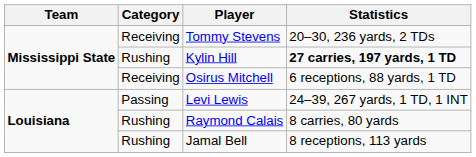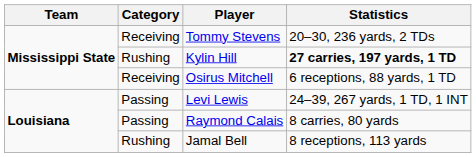 <table class="wikitable" style="float: left;">
 <tr>
 <th>Team</th>
 <th>Category</th>
 <th>Player</th>
 <th>Statistics</th>
 </tr>
 <tr>
 <td rowspan=3><strong>Mississippi State</strong></td>
 <td>Receiving</td>
 <td><a href='#'>Tommy Stevens</a></td>
 <td>20–30, 236 yards, 2 TDs</td>
 </tr>
 <tr>
 <td>Rushing</td>
 <td><a href='#'>Kylin Hill</a></td>
 <td><strong>27 carries, 197 yards, 1 TD</strong></td>
 </tr>
 <tr>
 <td>Receiving</td>
 <td><a href='#'>Osirus Mitchell</a></td>
 <td>6 receptions, 88 yards, 1 TD</td>
 </tr>
 <tr>
 <td rowspan=3><strong>Louisiana</strong></td>
 <td>Passing</td>
 <td><a href='#'>Levi Lewis</a></td>
 <td>24–39, 267 yards, 1 TD, 1 INT</td>
 </tr>
 <tr>
-<td>Rushing</td>
+<td>Passing</td>
 <td><a href='#'>Raymond Calais</a></td>
 <td>8 carries, 80 yards</td>
 </tr>
 <tr>
 <td>Rushing</td>
 <td>Jamal Bell</td>
 <td>8 receptions, 113 yards</td>
 </tr>
 </table>
